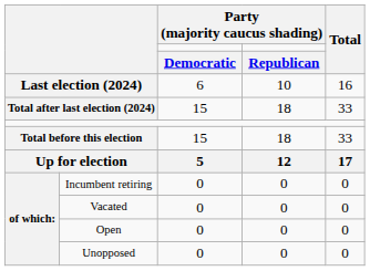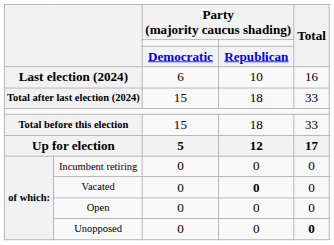 <table class="wikitable" style="text-align:center">
 <tr>
 <th colspan="2" rowspan="3"></th>
 <th colspan="2">Party<div>(majority caucus shading)</div></th>
 <th rowspan="3">Total</th>
 </tr>
 <tr style="height:5px">
 <td style="background-color:"></td>
 <td style="background-color:"></td>
 </tr>
 <tr>
 <th><a href='#'>Democratic</a></th>
 <th><a href='#'>Republican</a></th>
 </tr>
 <tr>
 <th colspan="2" nowrap="">Last election (2024)</th>
 <td>6</td>
 <td>10</td>
 <td>16</td>
 </tr>
 <tr>
 <th colspan="2" nowrap="" style="font-size:80%">Total after last election (2024)</th>
 <td>15</td>
 <td>18</td>
 <td>33</td>
 </tr>
 <tr>
 <td colspan="5"></td>
 </tr>
 <tr>
 <th colspan="2" nowrap="" style="font-size:80%">Total before this election</th>
 <td>15</td>
 <td>18</td>
 <td>33</td>
 </tr>
 <tr>
 <th colspan="2">Up for election</th>
 <th>5</th>
 <th>12</th>
 <th>17</th>
 </tr>
 <tr>
 <th rowspan="4" style="font-size:80%">of which:</th>
 <td nowrap="" style="font-size:80%">Incumbent retiring</td>
 <td>0</td>
 <td>0</td>
 <td>0</td>
 </tr>
 <tr>
 <td nowrap="" style="font-size:80%">Vacated</td>
 <td>0</td>
-<td>0</td>
+<td><strong>0</strong></td>
 <td>0</td>
 </tr>
 <tr>
 <td nowrap="" style="font-size:80%">Open</td>
 <td>0</td>
 <td>0</td>
 <td>0</td>
 </tr>
 <tr>
 <td nowrap="" style="font-size:80%">Unopposed</td>
 <td>0</td>
 <td>0</td>
-<td>0</td>
+<td><strong>0</strong></td>
 </tr>
 </table>
